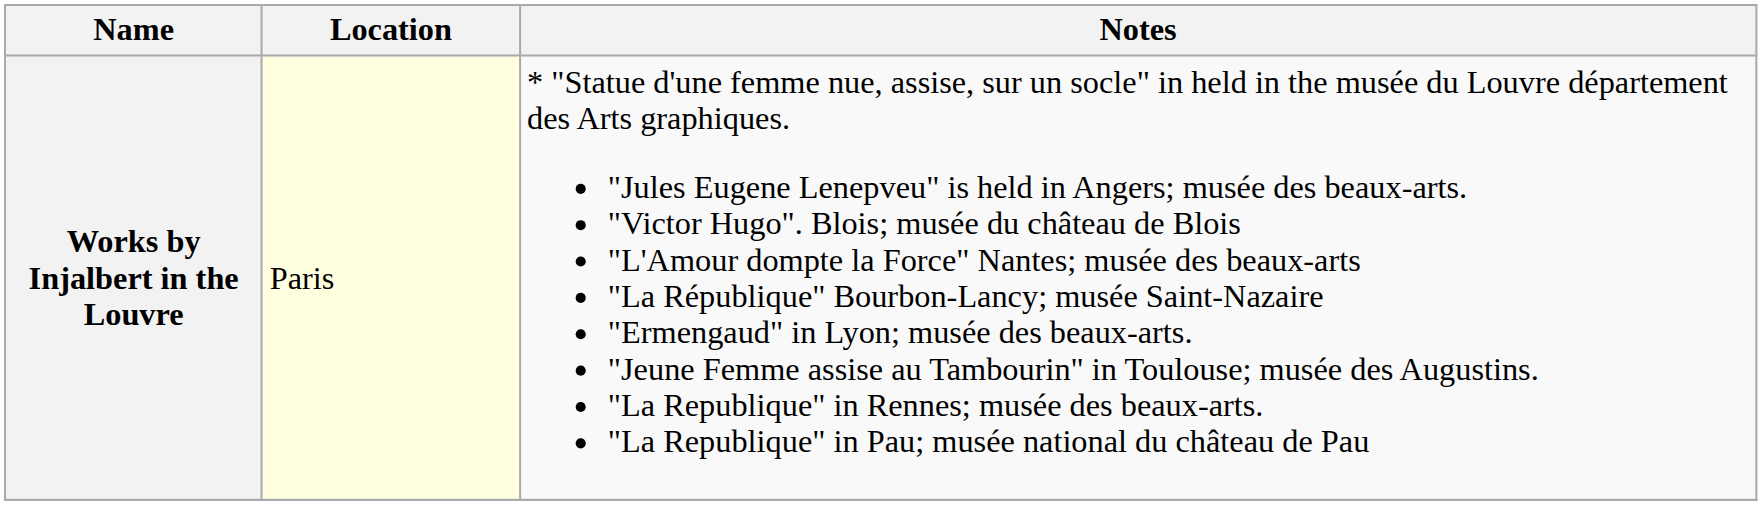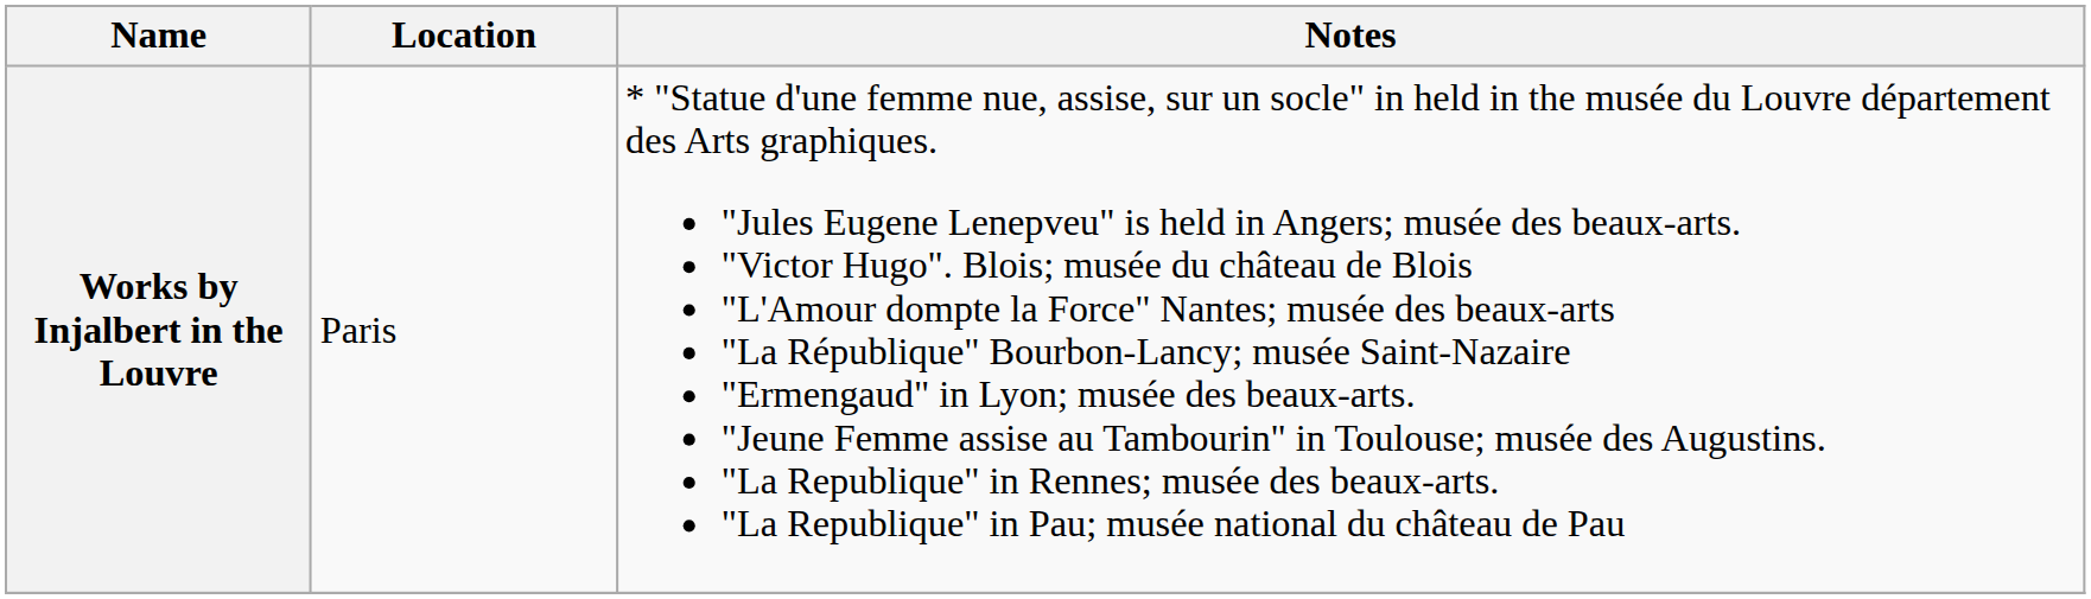 <table class="wikitable sortable plainrowheaders">
 <tr>
 <th scope="col" style="width:120px">Name</th>
 <th scope="col" style="width:120px">Location</th>
 <th scope="col" class="unsortable">Notes</th>
 </tr>
 <tr>
 <th scope="row">Works by Injalbert in the Louvre</th>
-<td style="background: lightyellow;">Paris<br></td>
+<td>Paris<br></td>
 <td>* "Statue d'une femme nue, assise, sur un socle" in held in the musée du Louvre département des Arts graphiques.<br><ul><li>"Jules Eugene Lenepveu" is held in Angers; musée des beaux-arts.</li><li>"Victor Hugo".  Blois; musée du château de Blois</li><li>"L'Amour dompte la Force"  Nantes; musée des beaux-arts</li><li>"La République"  Bourbon-Lancy; musée Saint-Nazaire</li><li>"Ermengaud"  in Lyon; musée des beaux-arts.</li><li>"Jeune Femme assise au Tambourin" in Toulouse; musée des Augustins.</li><li>"La Republique" in Rennes; musée des beaux-arts.</li><li>"La Republique" in Pau; musée national du château de Pau</li></ul></td>
 </tr>
 <tr>
 </tr>
 </table>
